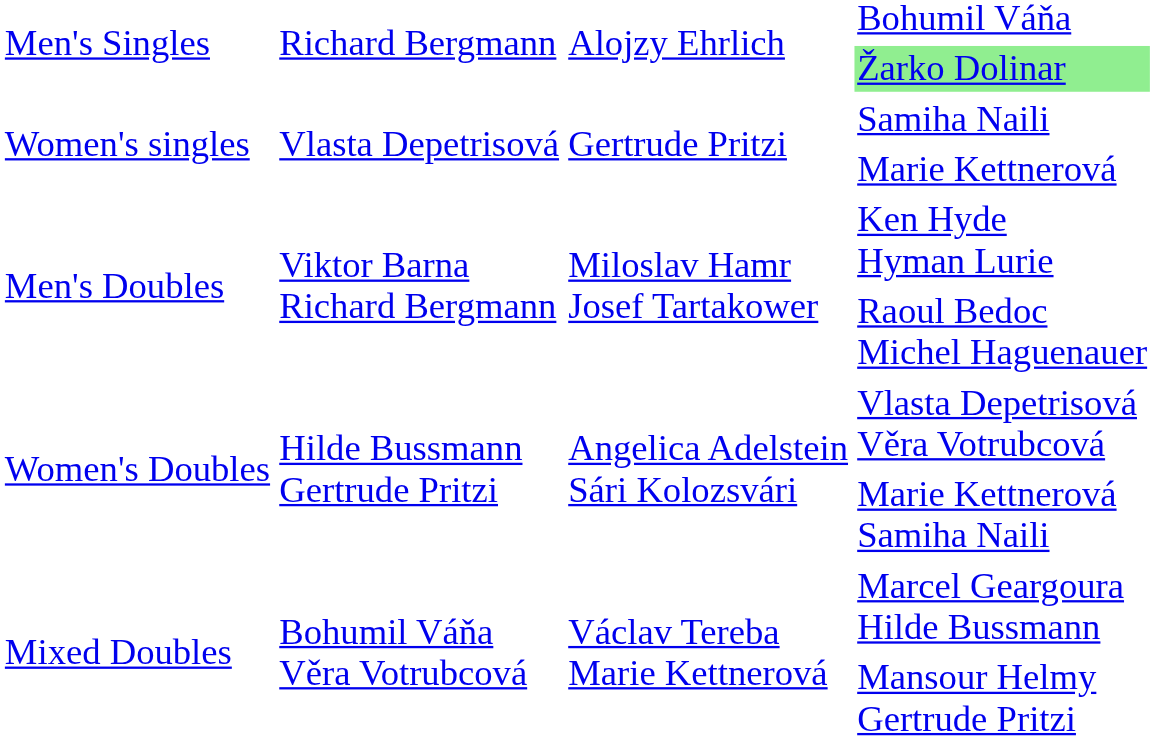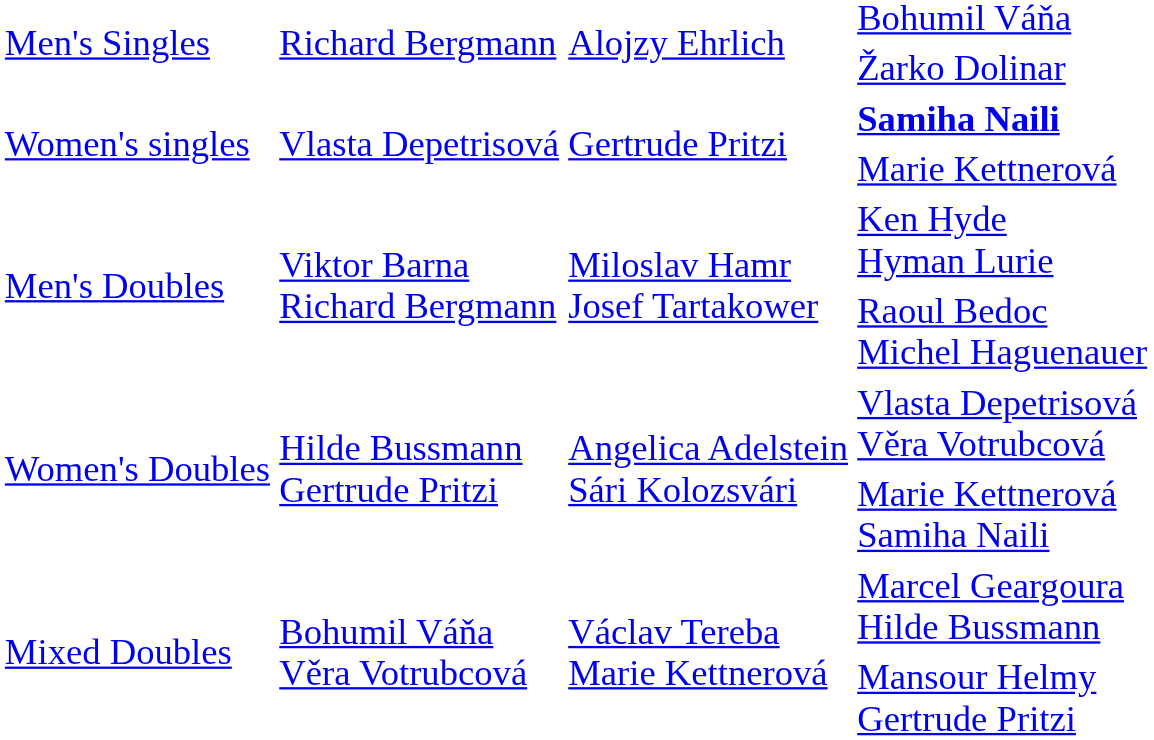 <table>
 <tr>
 <td rowspan=2><a href='#'>Men's Singles</a></td>
 <td rowspan=2> <a href='#'>Richard Bergmann</a></td>
 <td rowspan=2> <a href='#'>Alojzy Ehrlich</a></td>
 <td> <a href='#'>Bohumil Váňa</a></td>
 </tr>
 <tr>
-<td style="background: lightgreen;"> <a href='#'>Žarko Dolinar</a></td>
+<td> <a href='#'>Žarko Dolinar</a></td>
 </tr>
 <tr>
 <td rowspan=2><a href='#'>Women's singles</a></td>
 <td rowspan=2> <a href='#'>Vlasta Depetrisová</a></td>
 <td rowspan=2> <a href='#'>Gertrude Pritzi</a></td>
-<td> <a href='#'>Samiha Naili</a></td>
+<td><strong> <a href='#'>Samiha Naili</a></strong></td>
 </tr>
 <tr>
 <td> <a href='#'>Marie Kettnerová</a></td>
 </tr>
 <tr>
 <td rowspan=2><a href='#'>Men's Doubles</a></td>
 <td rowspan=2> <a href='#'>Viktor Barna</a><br> <a href='#'>Richard Bergmann</a></td>
 <td rowspan=2> <a href='#'>Miloslav Hamr</a><br> <a href='#'>Josef Tartakower</a></td>
 <td> <a href='#'>Ken Hyde</a><br> <a href='#'>Hyman Lurie</a></td>
 </tr>
 <tr>
 <td> <a href='#'>Raoul Bedoc</a><br> <a href='#'>Michel Haguenauer</a></td>
 </tr>
 <tr>
 <td rowspan=2><a href='#'>Women's Doubles</a></td>
 <td rowspan=2> <a href='#'>Hilde Bussmann</a><br> <a href='#'>Gertrude Pritzi</a></td>
 <td rowspan=2> <a href='#'>Angelica Adelstein</a><br> <a href='#'>Sári Kolozsvári</a></td>
 <td> <a href='#'>Vlasta Depetrisová</a><br> <a href='#'>Věra Votrubcová</a></td>
 </tr>
 <tr>
 <td> <a href='#'>Marie Kettnerová</a><br> <a href='#'>Samiha Naili</a></td>
 </tr>
 <tr>
 <td rowspan=2><a href='#'>Mixed Doubles</a></td>
 <td rowspan=2> <a href='#'>Bohumil Váňa</a><br> <a href='#'>Věra Votrubcová</a></td>
 <td rowspan=2> <a href='#'>Václav Tereba</a><br> <a href='#'>Marie Kettnerová</a></td>
 <td> <a href='#'>Marcel Geargoura</a><br> <a href='#'>Hilde Bussmann</a></td>
 </tr>
 <tr>
 <td> <a href='#'>Mansour Helmy</a><br> <a href='#'>Gertrude Pritzi</a></td>
 </tr>
 </table>
